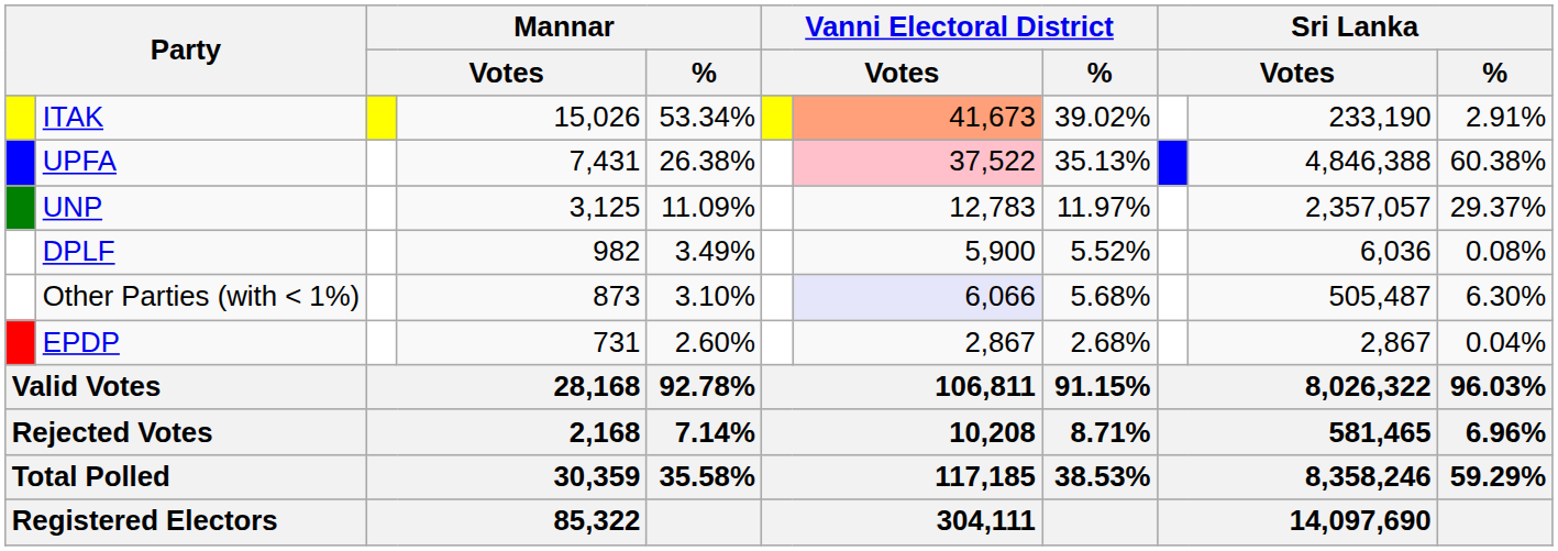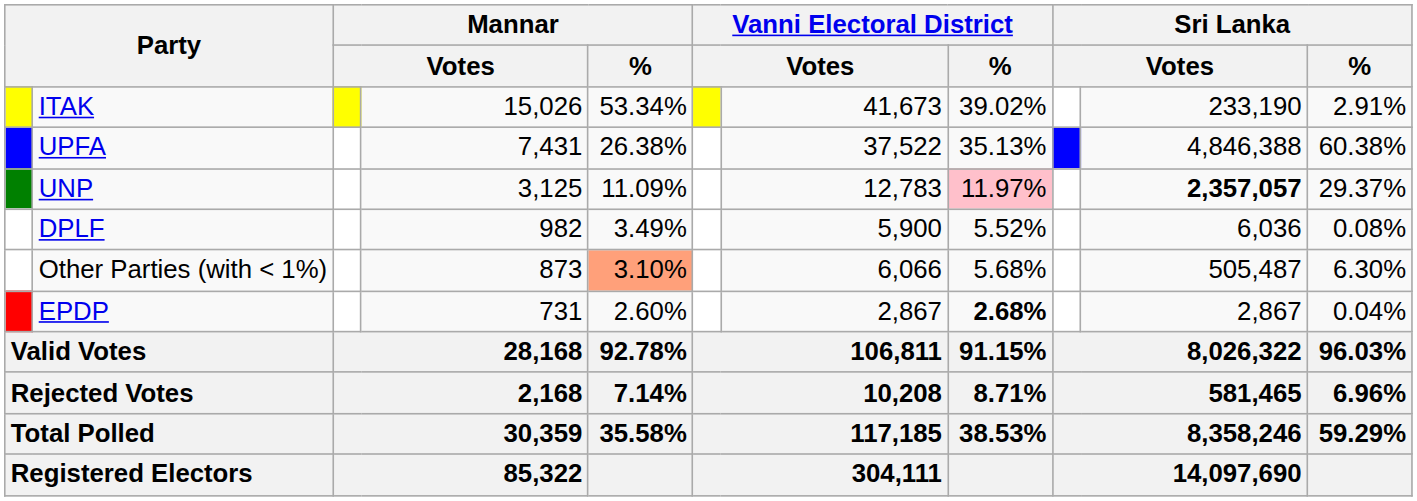 <table class="wikitable">
 <tr>
 <th colspan="2" width="144px"rowspan="2">Party</th>
 <th colspan="3" width="216px">Mannar</th>
 <th colspan="3" width="216px"><a href='#'>Vanni Electoral District</a></th>
 <th colspan="3" width="216px">Sri Lanka</th>
 </tr>
 <tr>
 <th colspan="2" width="144px">Votes</th>
 <th>%</th>
 <th colspan="2" width="144px">Votes</th>
 <th>%</th>
 <th colspan="2" width="144px">Votes</th>
 <th>%</th>
 </tr>
 <tr>
 <td style="background-color:yellow;" width="10px"></td>
 <td style="text-align:left;"><a href='#'>ITAK</a></td>
 <td style="background-color:yellow;" width="10px"></td>
 <td style="text-align:right;">15,026</td>
 <td style="text-align:right;">53.34%</td>
 <td style="background-color:yellow;" width="10px"></td>
-<td style="background: lightsalmon; text-align:right;">41,673</td>
+<td style="text-align:right;">41,673</td>
 <td style="text-align:right;">39.02%</td>
 <td style="background-color:white;" width="10px"></td>
 <td style="text-align:right;">233,190</td>
 <td style="text-align:right;">2.91%</td>
 </tr>
 <tr>
 <td style="background-color:blue;" width="10px"></td>
 <td style="text-align:left;"><a href='#'>UPFA</a></td>
 <td style="background-color:white;" width="10px"></td>
 <td style="text-align:right;">7,431</td>
 <td style="text-align:right;">26.38%</td>
 <td style="background-color:white;" width="10px"></td>
-<td style="background: pink; text-align:right;">37,522</td>
+<td style="text-align:right;">37,522</td>
 <td style="text-align:right;">35.13%</td>
 <td style="background-color:blue;" width="10px"></td>
 <td style="text-align:right;">4,846,388</td>
 <td style="text-align:right;">60.38%</td>
 </tr>
 <tr>
 <td style="background-color:green;" width="10px"></td>
 <td style="text-align:left;"><a href='#'>UNP</a></td>
 <td style="background-color:white;" width="10px"></td>
 <td style="text-align:right;">3,125</td>
 <td style="text-align:right;">11.09%</td>
 <td style="background-color:white;" width="10px"></td>
 <td style="text-align:right;">12,783</td>
-<td style="text-align:right;">11.97%</td>
+<td style="background: pink; text-align:right;">11.97%</td>
 <td style="background-color:white;" width="10px"></td>
-<td style="text-align:right;">2,357,057</td>
+<td style="text-align:right;"><strong>2,357,057</strong></td>
 <td style="text-align:right;">29.37%</td>
 </tr>
 <tr>
 <td style="background-color:white;" width="10px"></td>
 <td style="text-align:left;"><a href='#'>DPLF</a></td>
 <td style="background-color:white;" width="10px"></td>
 <td style="text-align:right;">982</td>
 <td style="text-align:right;">3.49%</td>
 <td style="background-color:white;" width="10px"></td>
 <td style="text-align:right;">5,900</td>
 <td style="text-align:right;">5.52%</td>
 <td style="background-color:white;" width="10px"></td>
 <td style="text-align:right;">6,036</td>
 <td style="text-align:right;">0.08%</td>
 </tr>
 <tr>
 <td style="background-color:white;" width="10px"></td>
 <td style="text-align:left;">Other Parties (with < 1%)</td>
 <td style="background-color:white;" width="10px"></td>
 <td style="text-align:right;">873</td>
-<td style="text-align:right;">3.10%</td>
+<td style="background: lightsalmon; text-align:right;">3.10%</td>
 <td style="background-color:white;" width="10px"></td>
-<td style="background: lavender; text-align:right;">6,066</td>
+<td style="text-align:right;">6,066</td>
 <td style="text-align:right;">5.68%</td>
 <td style="background-color:white;" width="10px"></td>
 <td style="text-align:right;">505,487</td>
 <td style="text-align:right;">6.30%</td>
 </tr>
 <tr>
 <td style="background-color:red;" width="10px"></td>
 <td style="text-align:left;"><a href='#'>EPDP</a></td>
 <td style="background-color:white;" width="10px"></td>
 <td style="text-align:right;">731</td>
 <td style="text-align:right;">2.60%</td>
 <td style="background-color:white;" width="10px"></td>
 <td style="text-align:right;">2,867</td>
-<td style="text-align:right;">2.68%</td>
+<td style="text-align:right;"><strong>2.68%</strong></td>
 <td style="background-color:white;" width="10px"></td>
 <td style="text-align:right;">2,867</td>
 <td style="text-align:right;">0.04%</td>
 </tr>
 <tr>
 <th colspan="2" width="144px"style="text-align:left;">Valid Votes</th>
 <th style="text-align:right;"colspan="2" width="144px">28,168</th>
 <th style="text-align:right;">92.78%</th>
 <th style="text-align:right;"colspan="2" width="144px">106,811</th>
 <th style="text-align:right;">91.15%</th>
 <th style="text-align:right;"colspan="2" width="144px">8,026,322</th>
 <th style="text-align:right;">96.03%</th>
 </tr>
 <tr>
 <th colspan="2" width="144px"style="text-align:left;">Rejected Votes</th>
 <th style="text-align:right;"colspan="2" width="144px">2,168</th>
 <th style="text-align:right;">7.14%</th>
 <th style="text-align:right;"colspan="2" width="144px">10,208</th>
 <th style="text-align:right;">8.71%</th>
 <th style="text-align:right;"colspan="2" width="144px">581,465</th>
 <th style="text-align:right;">6.96%</th>
 </tr>
 <tr>
 <th colspan="2" width="144px"style="text-align:left;">Total Polled</th>
 <th style="text-align:right;"colspan="2" width="144px">30,359</th>
 <th style="text-align:right;">35.58%</th>
 <th style="text-align:right;"colspan="2" width="144px">117,185</th>
 <th style="text-align:right;">38.53%</th>
 <th style="text-align:right;"colspan="2" width="144px">8,358,246</th>
 <th style="text-align:right;">59.29%</th>
 </tr>
 <tr>
 <th colspan="2" width="144px"style="text-align:left;">Registered Electors</th>
 <th style="text-align:right;"colspan="2" width="144px">85,322</th>
 <th></th>
 <th style="text-align:right;"colspan="2" width="144px">304,111</th>
 <th></th>
 <th style="text-align:right;"colspan="2" width="144px">14,097,690</th>
 <th></th>
 </tr>
 </table>
